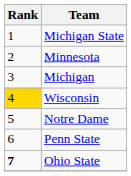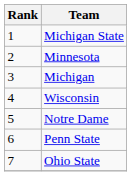 <table class="wikitable">
 <tr>
 <th>Rank</th>
 <th>Team</th>
 </tr>
 <tr>
 <td>1</td>
 <td><a href='#'>Michigan State</a></td>
 </tr>
 <tr>
 <td>2</td>
 <td><a href='#'>Minnesota</a></td>
 </tr>
 <tr>
 <td>3</td>
 <td><a href='#'>Michigan</a></td>
 </tr>
 <tr>
-<td style="background: gold;">4</td>
+<td>4</td>
 <td><a href='#'>Wisconsin</a></td>
 </tr>
 <tr>
 <td>5</td>
 <td><a href='#'>Notre Dame</a></td>
 </tr>
 <tr>
 <td>6</td>
 <td><a href='#'>Penn State</a></td>
 </tr>
 <tr>
-<td><strong>7</strong></td>
+<td>7</td>
 <td><a href='#'>Ohio State</a></td>
 </tr>
 <tr>
 </tr>
 </table>
